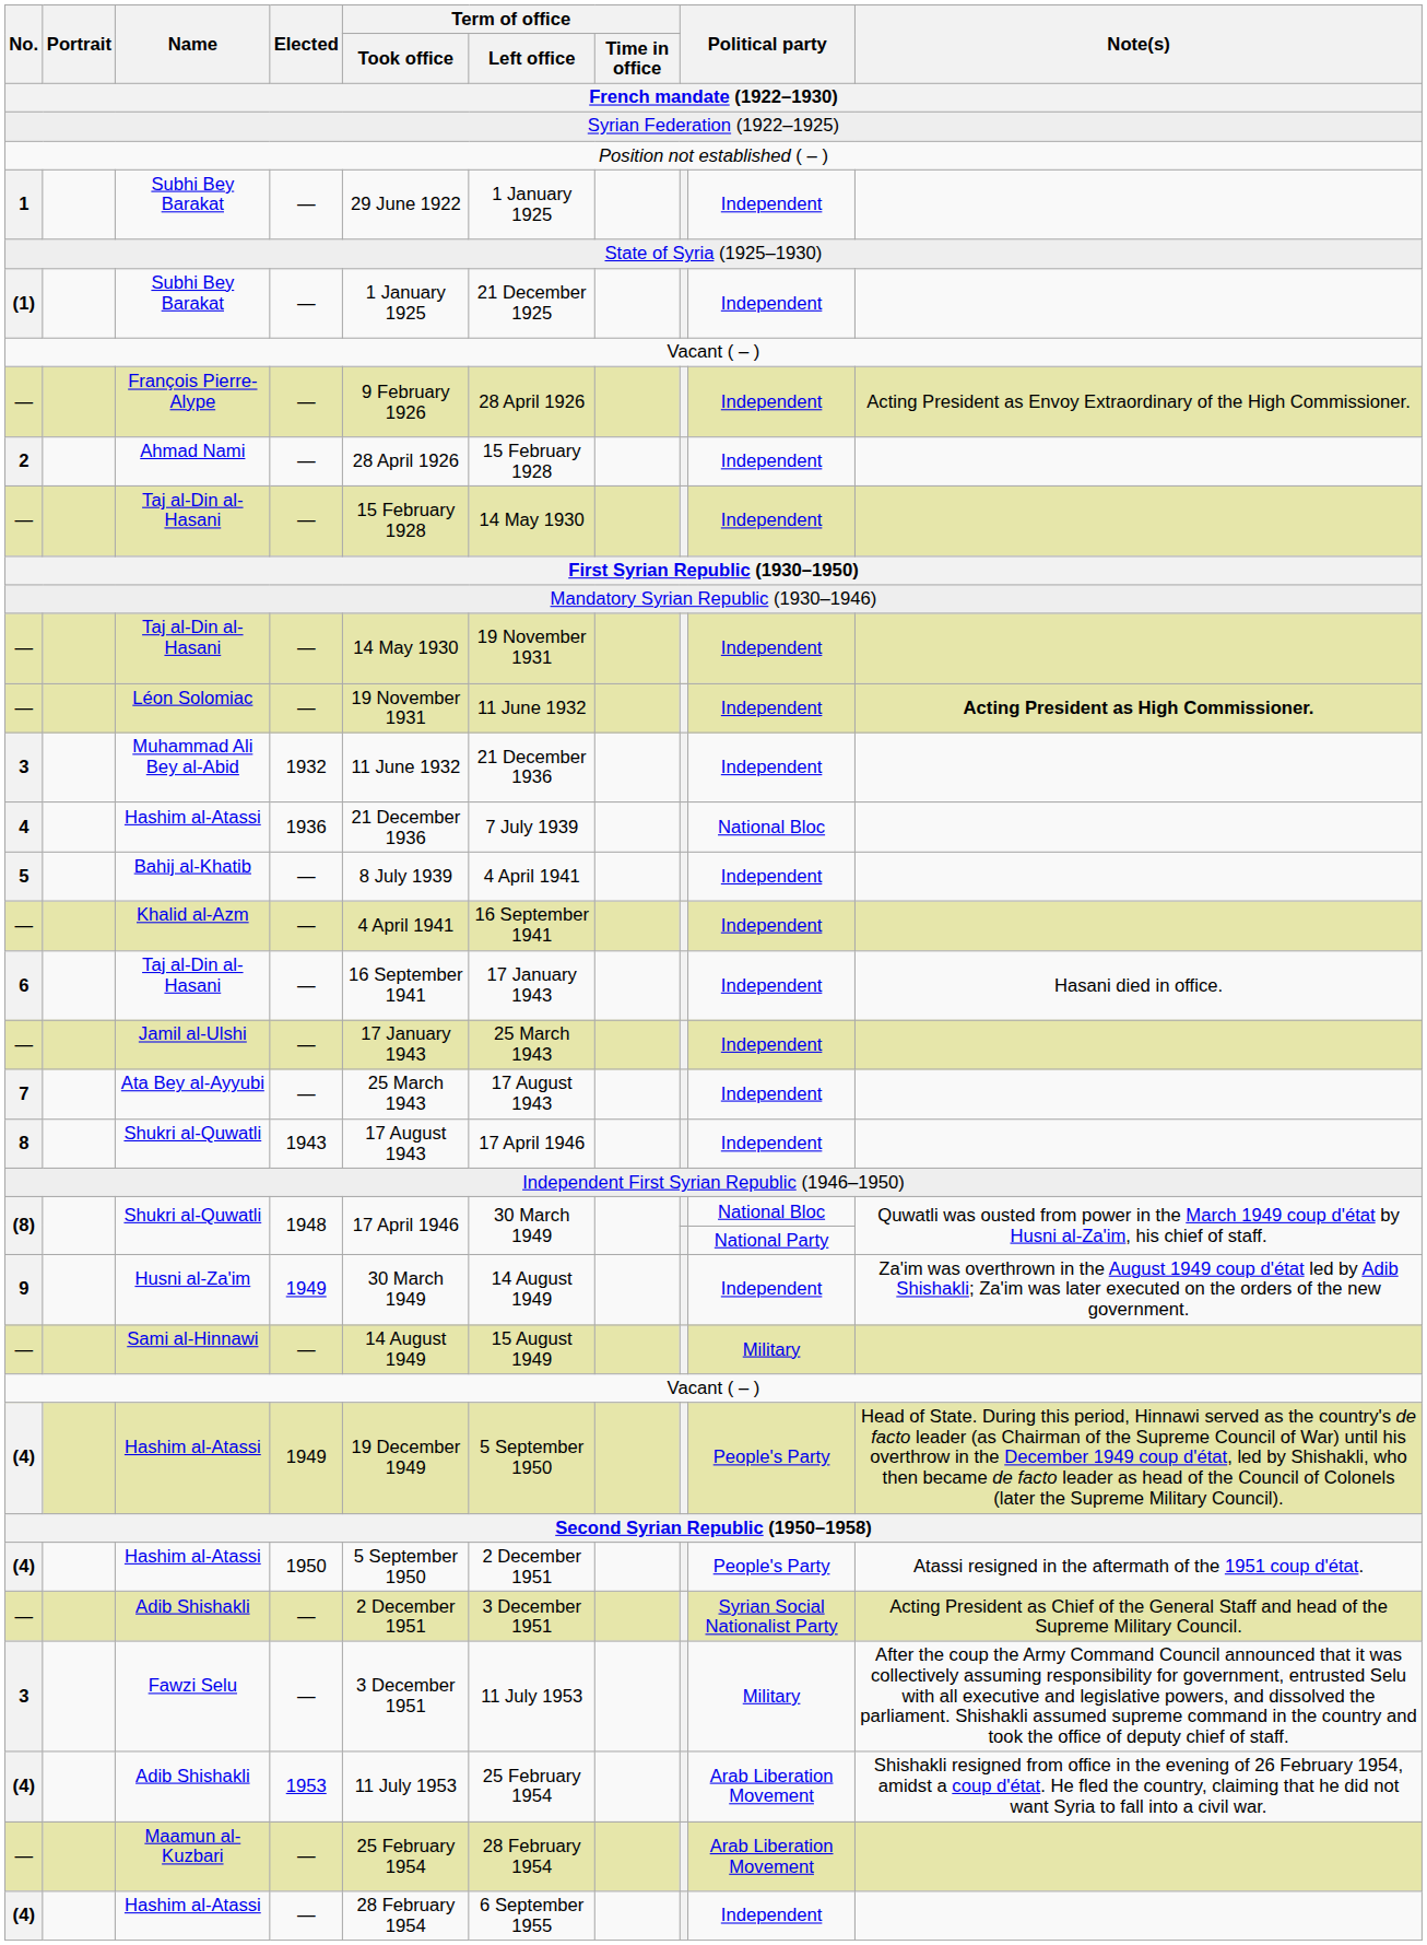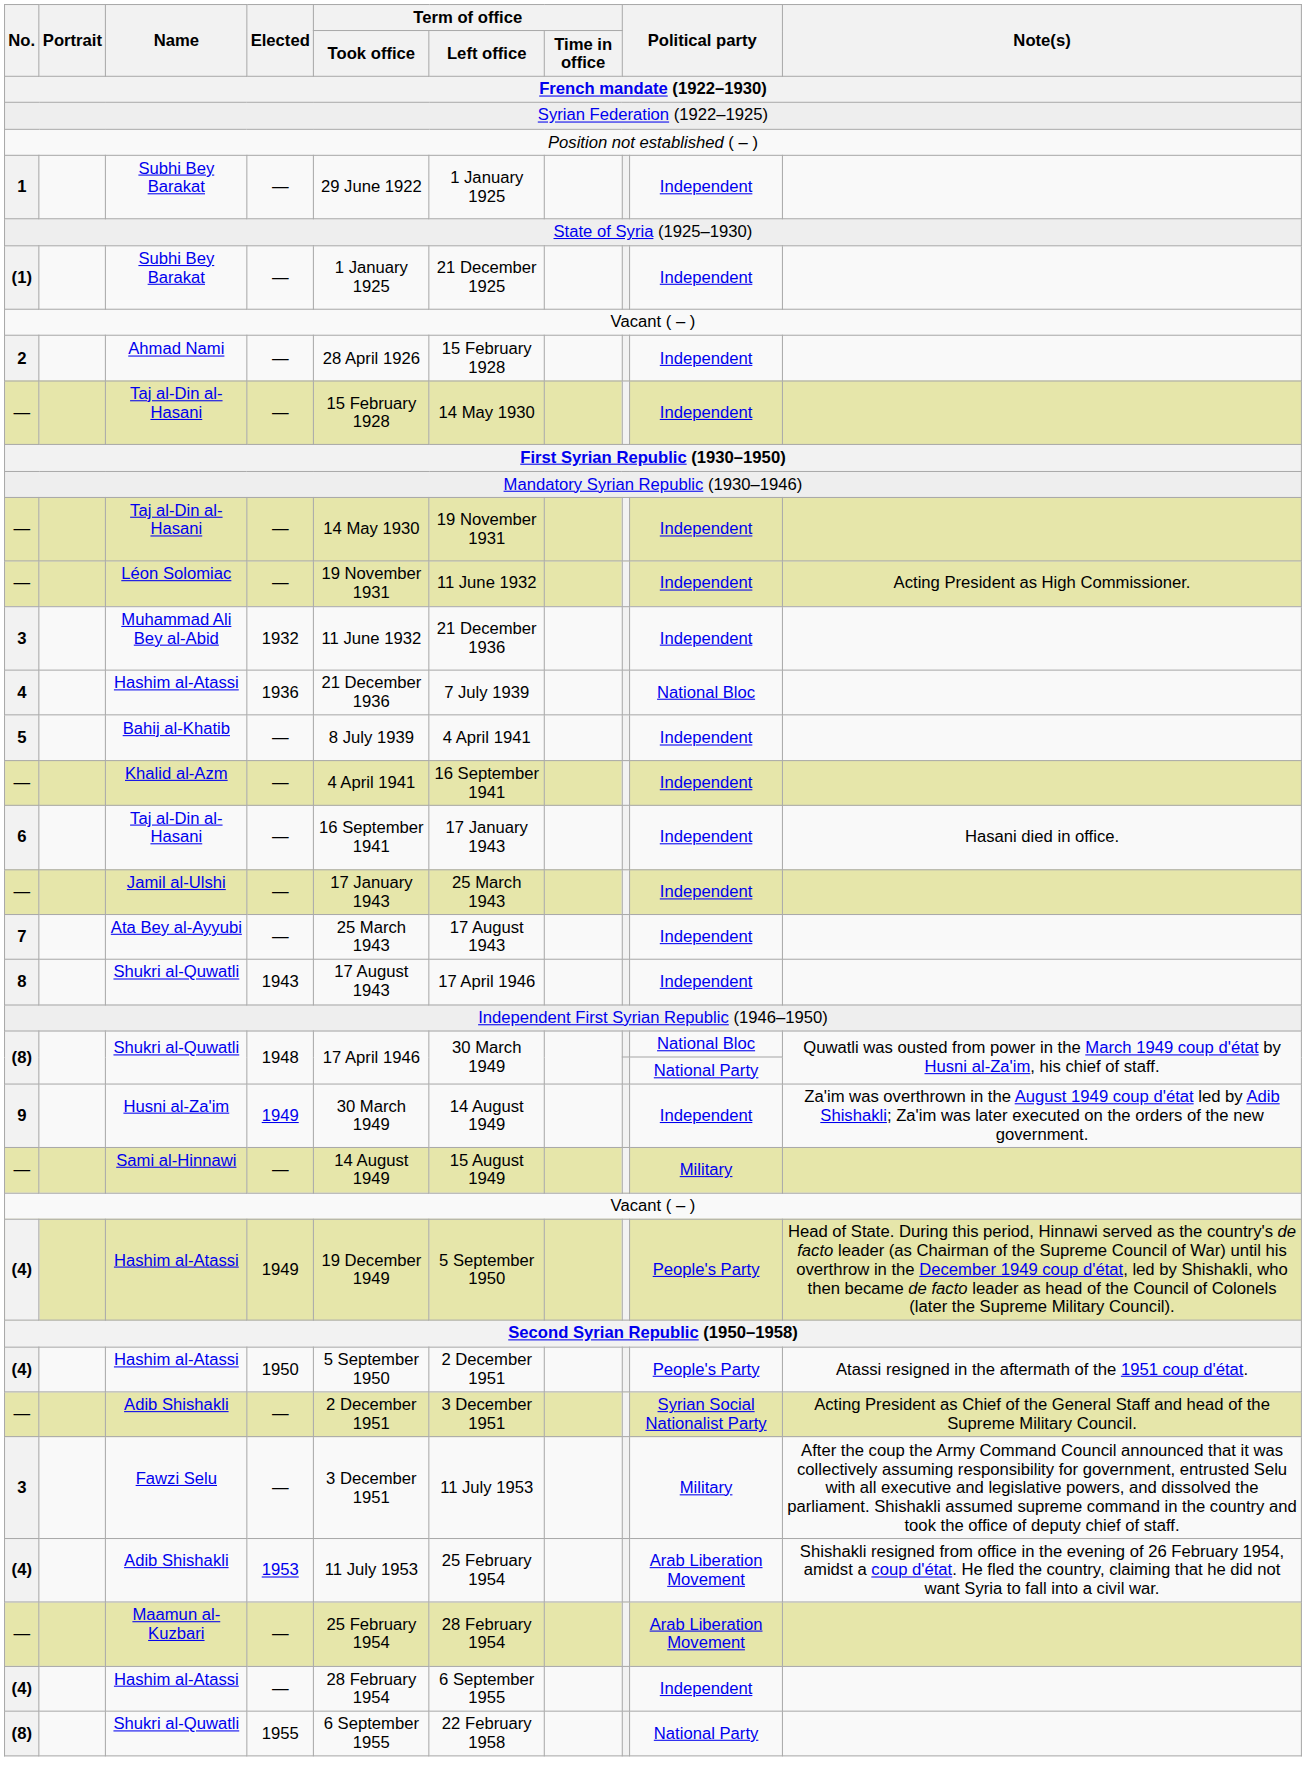 <table class="wikitable" style="text-align:center">
 <tr>
 <th rowspan="2">No.</th>
 <th rowspan="2">Portrait</th>
 <th rowspan="2">Name<br></th>
 <th rowspan="2">Elected</th>
 <th colspan="3">Term of office</th>
 <th colspan="2" rowspan="2">Political party</th>
 <th rowspan="2" width="40%">Note(s)</th>
 </tr>
 <tr>
 <th>Took office</th>
 <th>Left office</th>
 <th>Time in office</th>
 </tr>
 <tr>
 <th colspan="10"><a href='#'>French mandate</a> (1922–1930)</th>
 </tr>
 <tr>
 <td bgcolor=#EEEEEE colspan="10"><a href='#'>Syrian Federation</a> (1922–1925)</td>
 </tr>
 <tr>
 <td colspan="10"><em>Position not established</em> ( – )</td>
 </tr>
 <tr>
 <th>1</th>
 <td></td>
 <td><a href='#'>Subhi Bey Barakat</a><br><br></td>
 <td>—</td>
 <td>29 June 1922</td>
 <td>1 January 1925</td>
 <td></td>
 <th style="background:"></th>
 <td><a href='#'>Independent</a></td>
 <td></td>
 </tr>
 <tr>
 <td bgcolor=#EEEEEE colspan="10"><a href='#'>State of Syria</a> (1925–1930)</td>
 </tr>
 <tr>
 <th>(1)</th>
 <td></td>
 <td><a href='#'>Subhi Bey Barakat</a><br><br></td>
 <td>—</td>
 <td>1 January 1925</td>
 <td>21 December 1925</td>
 <td></td>
 <th style="background:"></th>
 <td><a href='#'>Independent</a></td>
 <td></td>
 </tr>
 <tr>
 <td colspan="10">Vacant ( – )</td>
 </tr>
-<tr style="background-color:#E6E6AA">
-<td>—</td>
-<td></td>
-<td><a href='#'>François Pierre-Alype</a><br><br></td>
-<td>—</td>
-<td>9 February 1926</td>
-<td>28 April 1926</td>
-<td></td>
-<th style="background:"></th>
-<td><a href='#'>Independent</a></td>
-<td>Acting President as Envoy Extraordinary of the High Commissioner.</td>
-</tr>
 <tr>
 <th>2</th>
 <td></td>
 <td><a href='#'>Ahmad Nami</a><br><br></td>
 <td>—</td>
 <td>28 April 1926</td>
 <td>15 February 1928</td>
 <td></td>
 <th style="background:"></th>
 <td><a href='#'>Independent</a></td>
 <td></td>
 </tr>
 <tr style="background-color:#E6E6AA">
 <td>—</td>
 <td></td>
 <td><a href='#'>Taj al-Din al-Hasani</a><br><br></td>
 <td>—</td>
 <td>15 February 1928</td>
 <td>14 May 1930</td>
 <td></td>
 <th style="background:"></th>
 <td><a href='#'>Independent</a></td>
 <td></td>
 </tr>
 <tr>
 <th colspan="10"><a href='#'>First Syrian Republic</a> (1930–1950)</th>
 </tr>
 <tr>
 <td bgcolor=#EEEEEE colspan="10"><a href='#'>Mandatory Syrian Republic</a> (1930–1946)</td>
 </tr>
 <tr style="background-color:#E6E6AA">
 <td>—</td>
 <td></td>
 <td><a href='#'>Taj al-Din al-Hasani</a><br><br></td>
 <td>—</td>
 <td>14 May 1930</td>
 <td>19 November 1931</td>
 <td></td>
 <th style="background:"></th>
 <td><a href='#'>Independent</a></td>
 <td></td>
 </tr>
 <tr style="background-color:#E6E6AA">
 <td>—</td>
 <td></td>
 <td><a href='#'>Léon Solomiac</a><br><br></td>
 <td>—</td>
 <td>19 November 1931</td>
 <td>11 June 1932</td>
 <td></td>
 <th style="background:"></th>
 <td><a href='#'>Independent</a></td>
-<td><strong>Acting President as High Commissioner.</strong></td>
+<td>Acting President as High Commissioner.</td>
 </tr>
 <tr>
 <th>3</th>
 <td></td>
 <td><a href='#'>Muhammad Ali Bey al-Abid</a><br><br></td>
 <td>1932</td>
 <td>11 June 1932</td>
 <td>21 December 1936</td>
 <td></td>
 <th style="background:"></th>
 <td><a href='#'>Independent</a></td>
 <td></td>
 </tr>
 <tr>
 <th>4</th>
 <td></td>
 <td><a href='#'>Hashim al-Atassi</a><br><br></td>
 <td>1936</td>
 <td>21 December 1936</td>
 <td>7 July 1939</td>
 <td></td>
 <th style="background:"></th>
 <td><a href='#'>National Bloc</a></td>
 <td></td>
 </tr>
 <tr>
 <th>5</th>
 <td></td>
 <td><a href='#'>Bahij al-Khatib</a><br><br></td>
 <td>—</td>
 <td>8 July 1939</td>
 <td>4 April 1941</td>
 <td></td>
 <th style="background:"></th>
 <td><a href='#'>Independent</a></td>
 <td></td>
 </tr>
 <tr style="background-color:#E6E6AA">
 <td>—</td>
 <td></td>
 <td><a href='#'>Khalid al-Azm</a><br><br></td>
 <td>—</td>
 <td>4 April 1941</td>
 <td>16 September 1941</td>
 <td></td>
 <th style="background:"></th>
 <td><a href='#'>Independent</a></td>
 <td></td>
 </tr>
 <tr>
 <th>6</th>
 <td></td>
 <td><a href='#'>Taj al-Din al-Hasani</a><br><br></td>
 <td>—</td>
 <td>16 September 1941</td>
 <td>17 January 1943</td>
 <td></td>
 <th style="background:"></th>
 <td><a href='#'>Independent</a></td>
 <td>Hasani died in office.</td>
 </tr>
 <tr style="background-color:#E6E6AA">
 <td>—</td>
 <td></td>
 <td><a href='#'>Jamil al-Ulshi</a><br><br></td>
 <td>—</td>
 <td>17 January 1943</td>
 <td>25 March 1943</td>
 <td></td>
 <th style="background:"></th>
 <td><a href='#'>Independent</a></td>
 <td></td>
 </tr>
 <tr>
 <th>7</th>
 <td></td>
 <td><a href='#'>Ata Bey al-Ayyubi</a><br><br></td>
 <td>—</td>
 <td>25 March 1943</td>
 <td>17 August 1943</td>
 <td></td>
 <th style="background:"></th>
 <td><a href='#'>Independent</a></td>
 <td></td>
 </tr>
 <tr>
 <th>8</th>
 <td></td>
 <td><a href='#'>Shukri al-Quwatli</a><br><br></td>
 <td>1943</td>
 <td>17 August 1943</td>
 <td>17 April 1946</td>
 <td></td>
 <th style="background:"></th>
 <td><a href='#'>Independent</a></td>
 <td></td>
 </tr>
 <tr>
 <td bgcolor=#EEEEEE colspan="10"><a href='#'>Independent First Syrian Republic</a> (1946–1950)</td>
 </tr>
 <tr>
 <th rowspan="2">(8)</th>
 <td rowspan="2"></td>
 <td rowspan="2"><a href='#'>Shukri al-Quwatli</a><br><br></td>
 <td rowspan="2">1948</td>
 <td rowspan="2">17 April 1946</td>
 <td rowspan="2">30 March 1949</td>
 <td rowspan="2"></td>
 <th style="background:"></th>
 <td><a href='#'>National Bloc</a></td>
 <td rowspan="2">Quwatli was ousted from power in the <a href='#'>March 1949 coup d'état</a> by <a href='#'>Husni al-Za'im</a>, his chief of staff.</td>
 </tr>
 <tr>
 <th style="background:"></th>
 <td><a href='#'>National Party</a></td>
 </tr>
 <tr>
 <th>9</th>
 <td></td>
 <td><a href='#'>Husni al-Za'im</a><br><br></td>
 <td><a href='#'>1949 </a></td>
 <td>30 March 1949</td>
 <td>14 August 1949</td>
 <td></td>
 <th style="background:"></th>
 <td><a href='#'>Independent</a><br></td>
 <td>Za'im was overthrown in the <a href='#'>August 1949 coup d'état</a> led by <a href='#'>Adib Shishakli</a>; Za'im was later executed on the orders of the new government.</td>
 </tr>
 <tr style="background-color:#E6E6AA">
 <td>—</td>
 <td></td>
 <td><a href='#'>Sami al-Hinnawi</a><br><br></td>
 <td>—</td>
 <td>14 August 1949</td>
 <td>15 August 1949</td>
 <td></td>
 <th style="background:"></th>
 <td><a href='#'>Military</a><br></td>
 <td></td>
 </tr>
 <tr>
 <td colspan="10">Vacant ( – )</td>
 </tr>
 <tr style="background-color:#E6E6AA">
 <th>(4)</th>
 <td></td>
 <td><a href='#'>Hashim al-Atassi</a><br><br></td>
 <td>1949 </td>
 <td>19 December 1949</td>
 <td>5 September 1950</td>
 <td></td>
 <th style="background:"></th>
 <td><a href='#'>People's Party</a></td>
 <td>Head of State. During this period, Hinnawi served as the country's <em>de facto</em> leader (as Chairman of the Supreme Council of War) until his overthrow in the <a href='#'>December 1949 coup d'état</a>, led by Shishakli, who then became <em>de facto</em> leader as head of the Council of Colonels (later the Supreme Military Council).</td>
 </tr>
 <tr>
 <th colspan="10"><a href='#'>Second Syrian Republic</a> (1950–1958)</th>
 </tr>
 <tr>
 <th>(4)</th>
 <td></td>
 <td><a href='#'>Hashim al-Atassi</a><br><br></td>
 <td>1950</td>
 <td>5 September 1950</td>
 <td>2 December 1951</td>
 <td></td>
 <th style="background:"></th>
 <td><a href='#'>People's Party</a></td>
 <td>Atassi resigned in the aftermath of the <a href='#'>1951 coup d'état</a>.</td>
 </tr>
 <tr style="background-color:#E6E6AA">
 <td>—</td>
 <td></td>
 <td><a href='#'>Adib Shishakli</a><br><br></td>
 <td>—</td>
 <td>2 December 1951</td>
 <td>3 December 1951</td>
 <td></td>
 <th style="background:"></th>
 <td><a href='#'>Syrian Social Nationalist Party</a></td>
 <td>Acting President as Chief of the General Staff and head of the Supreme Military Council.</td>
 </tr>
 <tr>
 <th>3</th>
 <td></td>
 <td><a href='#'>Fawzi Selu</a><br><br></td>
 <td>—</td>
 <td>3 December 1951</td>
 <td>11 July 1953</td>
 <td></td>
 <th style="background:"></th>
 <td><a href='#'>Military</a><br></td>
 <td>After the coup the Army Command Council announced that it was collectively assuming responsibility for government, entrusted Selu with all executive and legislative powers, and dissolved the parliament. Shishakli assumed supreme command in the country and took the office of deputy chief of staff.</td>
 </tr>
 <tr>
 <th>(4)</th>
 <td></td>
 <td><a href='#'>Adib Shishakli</a><br><br></td>
 <td><a href='#'>1953</a></td>
 <td>11 July 1953</td>
 <td>25 February 1954</td>
 <td></td>
 <th style="background:"></th>
 <td><a href='#'>Arab Liberation Movement</a></td>
 <td>Shishakli resigned from office in the evening of 26 February 1954, amidst a <a href='#'>coup d'état</a>. He fled the country, claiming that he did not want Syria to fall into a civil war.</td>
 </tr>
 <tr style="background-color:#E6E6AA">
 <td>—</td>
 <td></td>
 <td><a href='#'>Maamun al-Kuzbari</a><br><br></td>
 <td>—</td>
 <td>25 February 1954</td>
 <td>28 February 1954</td>
 <td></td>
 <th style="background:"></th>
 <td><a href='#'>Arab Liberation Movement</a></td>
 <td></td>
 </tr>
 <tr>
 <th>(4)</th>
 <td></td>
 <td><a href='#'>Hashim al-Atassi</a><br><br></td>
 <td>—</td>
 <td>28 February 1954</td>
 <td>6 September 1955</td>
 <td></td>
 <th style="background:"></th>
 <td><a href='#'>Independent</a></td>
 <td></td>
 </tr>
+<tr>
+<th>(8)</th>
+<td></td>
+<td><a href='#'>Shukri al-Quwatli</a><br><br></td>
+<td>1955</td>
+<td>6 September 1955</td>
+<td>22 February 1958</td>
+<td></td>
+<th style="background:"></th>
+<td><a href='#'>National Party</a></td>
+<td></td>
+</tr>
 </table>
